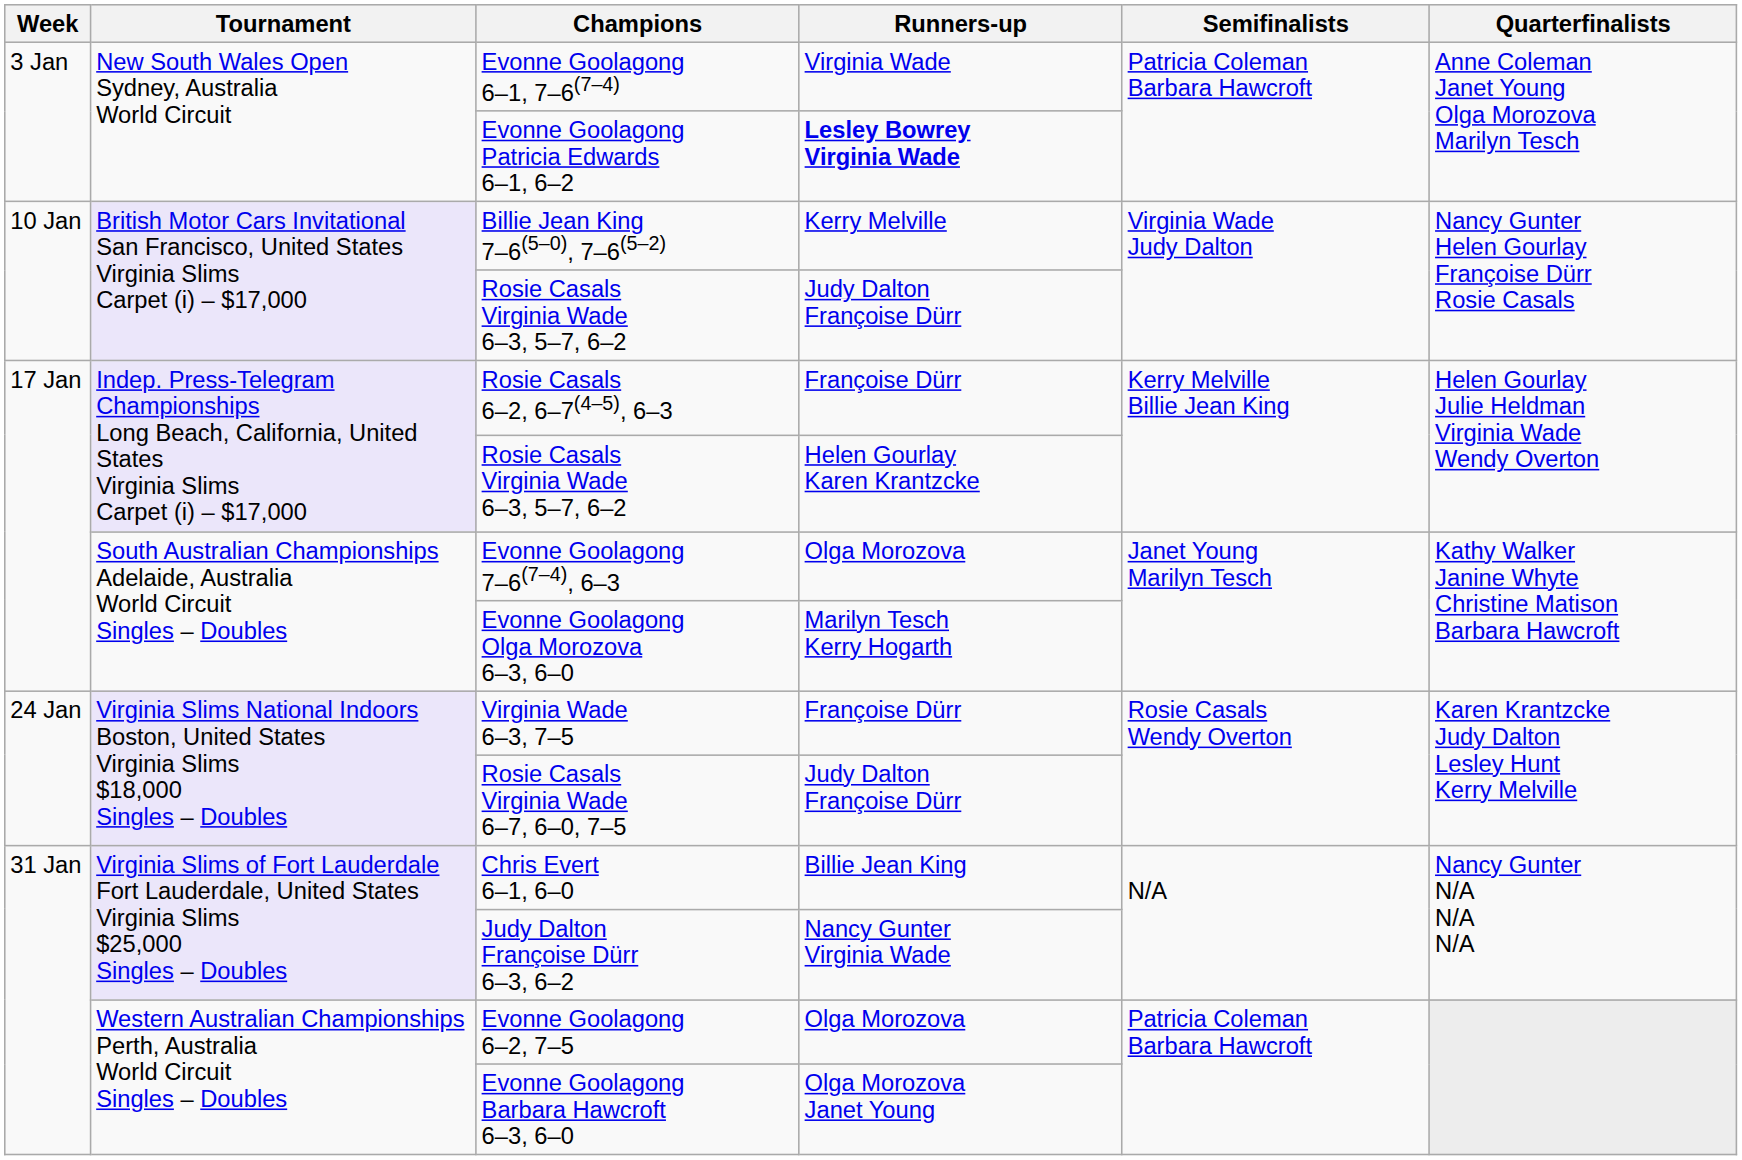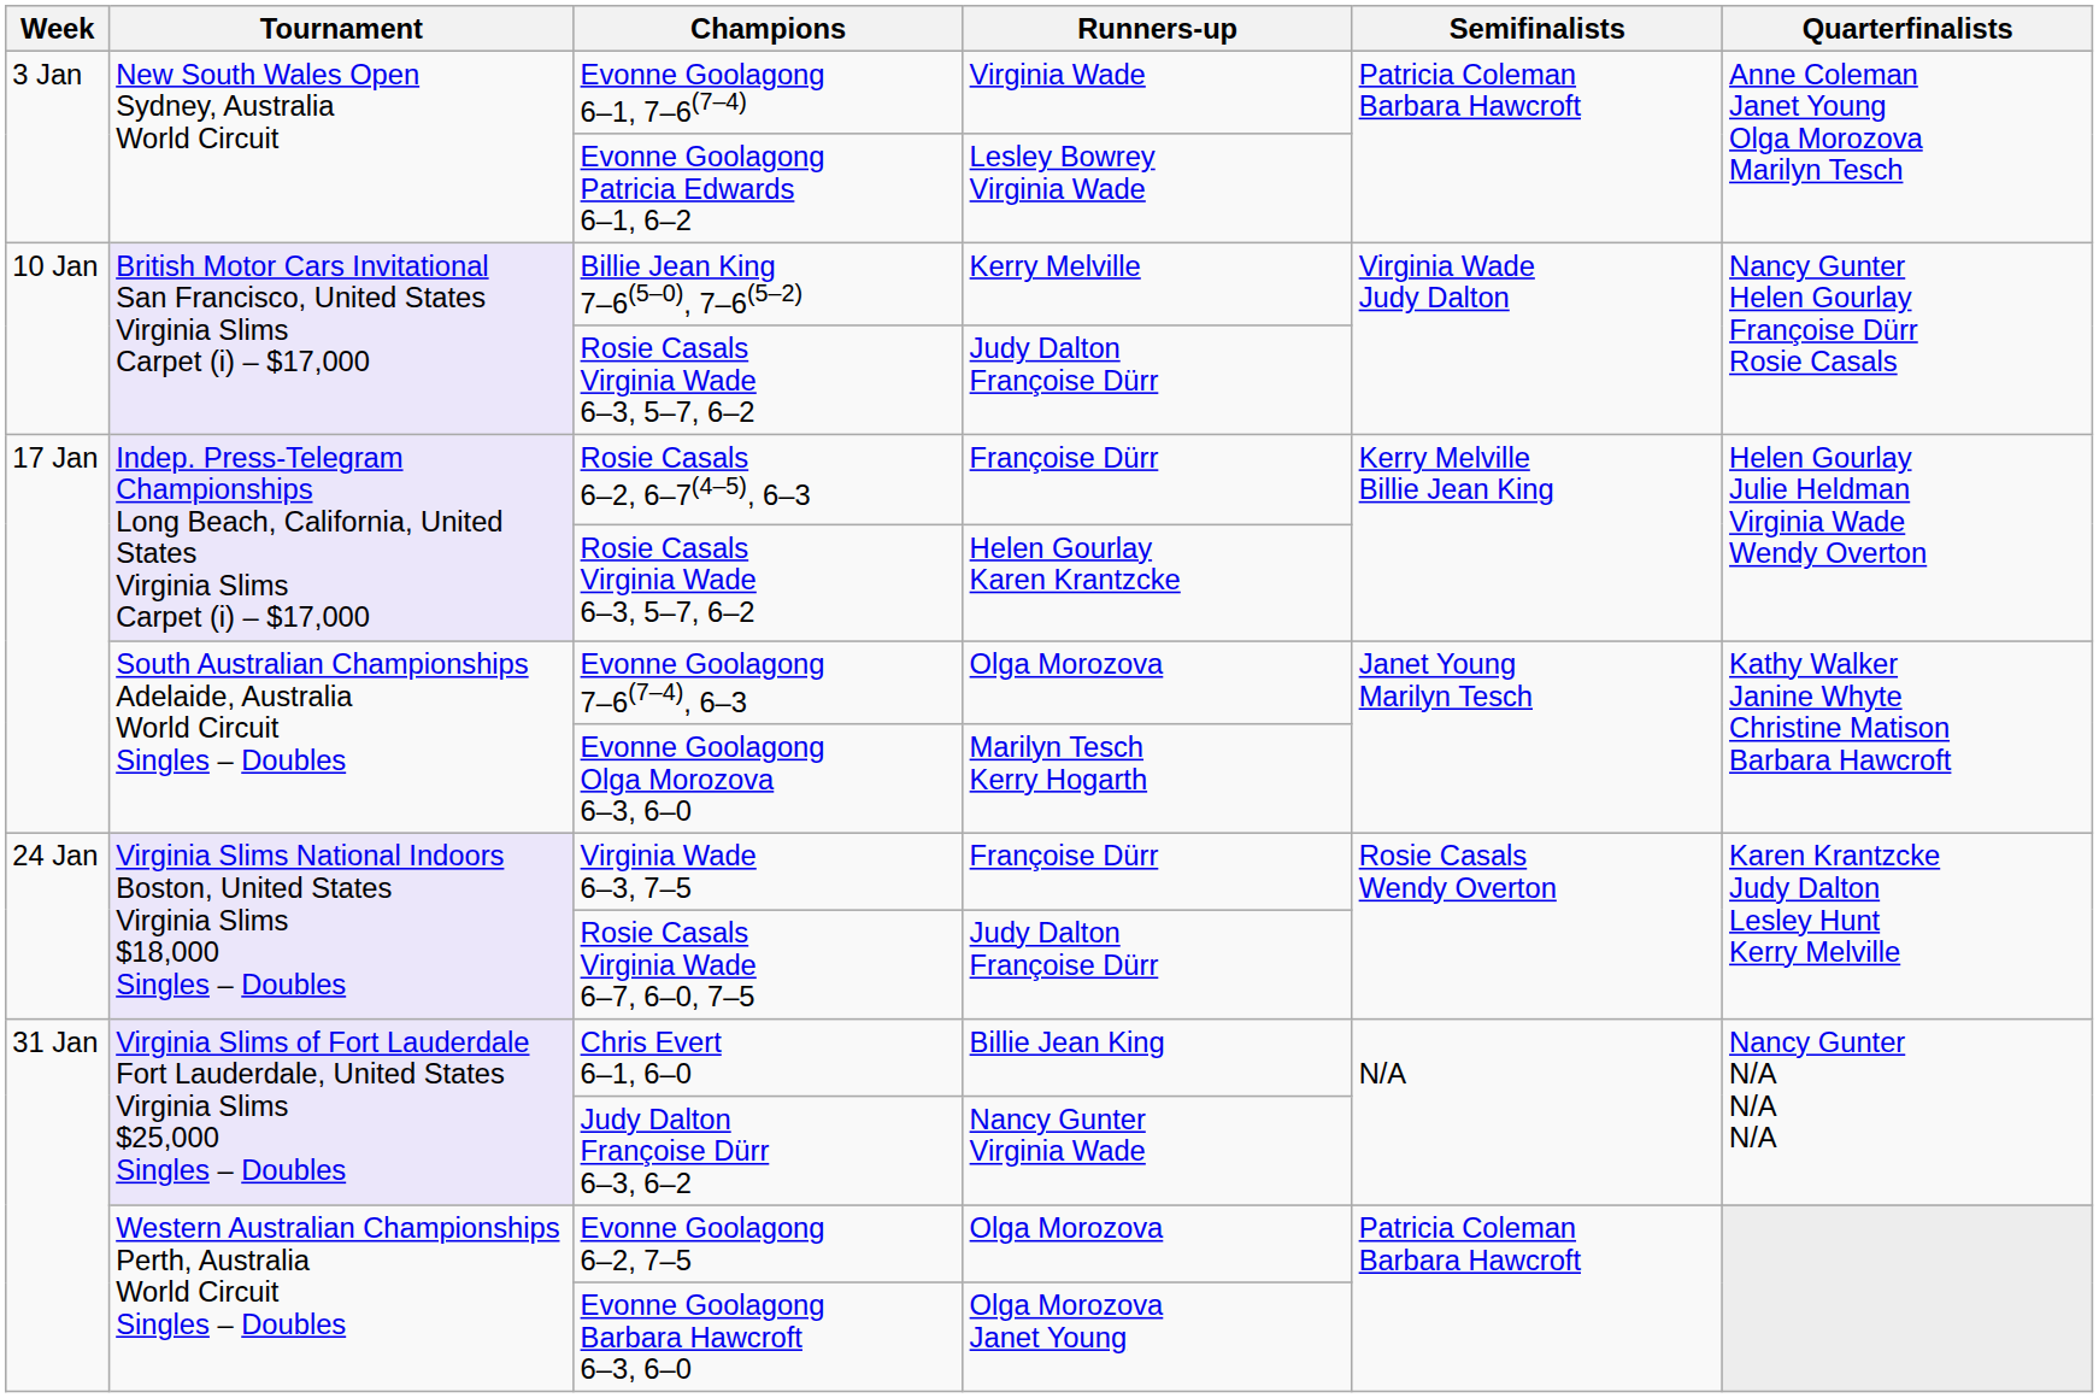 <table class=wikitable style=font-size:95%>
 <tr>
 <th style="width:48px;">Week</th>
 <th style="width:240px;">Tournament</th>
 <th style="width:200px;">Champions</th>
 <th style="width:200px;">Runners-up</th>
 <th style="width:190px;">Semifinalists</th>
 <th style="width:190px;">Quarterfinalists</th>
 </tr>
 <tr valign=top>
 <td rowspan=2>3 Jan</td>
 <td rowspan=2><a href='#'>New South Wales Open</a><br>Sydney, Australia<br>World Circuit</td>
 <td> <a href='#'>Evonne Goolagong</a> <br>6–1, 7–6<sup>(7–4)</sup></td>
 <td> <a href='#'>Virginia Wade</a></td>
 <td rowspan=2> <a href='#'>Patricia Coleman</a><br>  <a href='#'>Barbara Hawcroft</a></td>
 <td rowspan=2> <a href='#'>Anne Coleman</a> <br>  <a href='#'>Janet Young</a> <br>  <a href='#'>Olga Morozova</a> <br>  <a href='#'>Marilyn Tesch</a></td>
 </tr>
 <tr valign=top>
 <td> <a href='#'>Evonne Goolagong</a><br> <a href='#'>Patricia Edwards</a><br>6–1, 6–2</td>
-<td><strong> <a href='#'>Lesley Bowrey</a><br> <a href='#'>Virginia Wade</a></strong></td>
+<td> <a href='#'>Lesley Bowrey</a><br> <a href='#'>Virginia Wade</a></td>
 </tr>
 <tr valign=top>
 <td rowspan=2>10 Jan</td>
 <td style="background:#ebe6fa;" rowspan=2><a href='#'>British Motor Cars Invitational</a><br>San Francisco, United States<br>Virginia Slims<br>Carpet (i) – $17,000</td>
 <td> <a href='#'>Billie Jean King</a> <br> 7–6<sup>(5–0)</sup>, 7–6<sup>(5–2)</sup></td>
 <td> <a href='#'>Kerry Melville</a></td>
 <td rowspan=2> <a href='#'>Virginia Wade</a><br>  <a href='#'>Judy Dalton</a></td>
 <td rowspan=2> <a href='#'>Nancy Gunter</a> <br> <a href='#'>Helen Gourlay</a> <br> <a href='#'>Françoise Dürr</a> <br> <a href='#'>Rosie Casals</a></td>
 </tr>
 <tr valign=top>
 <td> <a href='#'>Rosie Casals</a><br> <a href='#'>Virginia Wade</a><br>6–3, 5–7, 6–2</td>
 <td> <a href='#'>Judy Dalton</a><br> <a href='#'>Françoise Dürr</a></td>
 </tr>
 <tr valign=top>
 <td rowspan=4>17 Jan</td>
 <td style="background:#ebe6fa;" rowspan=2><a href='#'>Indep. Press-Telegram Championships</a><br>Long Beach, California, United States<br>Virginia Slims<br>Carpet (i) – $17,000</td>
 <td> <a href='#'>Rosie Casals</a> <br>6–2, 6–7<sup>(4–5)</sup>, 6–3</td>
 <td> <a href='#'>Françoise Dürr</a></td>
 <td rowspan=2> <a href='#'>Kerry Melville</a> <br>  <a href='#'>Billie Jean King</a></td>
 <td rowspan=2> <a href='#'>Helen Gourlay</a> <br> <a href='#'>Julie Heldman</a> <br> <a href='#'>Virginia Wade</a> <br> <a href='#'>Wendy Overton</a></td>
 </tr>
 <tr valign=top>
 <td> <a href='#'>Rosie Casals</a><br> <a href='#'>Virginia Wade</a><br>6–3, 5–7, 6–2</td>
 <td> <a href='#'>Helen Gourlay</a><br> <a href='#'>Karen Krantzcke</a></td>
 </tr>
 <tr valign=top>
 <td rowspan="2"><a href='#'>South Australian Championships</a>  <br> Adelaide, Australia<br>World Circuit<br><a href='#'>Singles</a> – <a href='#'>Doubles</a></td>
 <td> <a href='#'>Evonne Goolagong</a> <br> 7–6<sup>(7–4)</sup>, 6–3</td>
 <td> <a href='#'>Olga Morozova</a></td>
 <td rowspan=2> <a href='#'>Janet Young</a> <br>  <a href='#'>Marilyn Tesch</a></td>
 <td rowspan=2> <a href='#'>Kathy Walker</a> <br>  <a href='#'>Janine Whyte</a> <br>  <a href='#'>Christine Matison</a> <br>  <a href='#'>Barbara Hawcroft</a></td>
 </tr>
 <tr valign=top>
 <td> <a href='#'>Evonne Goolagong</a> <br>  <a href='#'>Olga Morozova</a> <br> 6–3, 6–0</td>
 <td> <a href='#'>Marilyn Tesch</a><br>  <a href='#'>Kerry Hogarth</a></td>
 </tr>
 <tr valign=top>
 <td rowspan=2>24 Jan</td>
 <td style="background:#ebe6fa;" rowspan=2><a href='#'>Virginia Slims National Indoors</a><br>Boston, United States<br>Virginia Slims<br>$18,000<br> <a href='#'>Singles</a> – <a href='#'>Doubles</a></td>
 <td> <a href='#'>Virginia Wade</a> <br>6–3, 7–5</td>
 <td> <a href='#'>Françoise Dürr</a></td>
 <td rowspan=2> <a href='#'>Rosie Casals</a> <br>  <a href='#'>Wendy Overton</a></td>
 <td rowspan=2> <a href='#'>Karen Krantzcke</a> <br>  <a href='#'>Judy Dalton</a> <br>  <a href='#'>Lesley Hunt</a> <br>  <a href='#'>Kerry Melville</a></td>
 </tr>
 <tr valign=top>
 <td> <a href='#'>Rosie Casals</a><br> <a href='#'>Virginia Wade</a><br>6–7, 6–0, 7–5</td>
 <td> <a href='#'>Judy Dalton</a><br> <a href='#'>Françoise Dürr</a></td>
 </tr>
 <tr valign=top>
 <td rowspan=4>31 Jan</td>
 <td style="background:#ebe6fa;" rowspan=2><a href='#'>Virginia Slims of Fort Lauderdale</a><br>Fort Lauderdale, United States<br>Virginia Slims<br>$25,000<br> <a href='#'>Singles</a> – <a href='#'>Doubles</a></td>
 <td> <a href='#'>Chris Evert</a> <br>6–1, 6–0</td>
 <td> <a href='#'>Billie Jean King</a></td>
 <td rowspan=2><br>N/A</td>
 <td rowspan=2> <a href='#'>Nancy Gunter</a> <br>N/A <br>N/A <br>N/A</td>
 </tr>
 <tr valign=top>
 <td> <a href='#'>Judy Dalton</a><br> <a href='#'>Françoise Dürr</a><br>6–3, 6–2</td>
 <td> <a href='#'>Nancy Gunter</a><br> <a href='#'>Virginia Wade</a></td>
 </tr>
 <tr valign=top>
 <td rowspan="2"><a href='#'>Western Australian Championships</a>  <br> Perth, Australia<br>World Circuit<br><a href='#'>Singles</a> – <a href='#'>Doubles</a></td>
 <td> <a href='#'>Evonne Goolagong</a> <br> 6–2, 7–5</td>
 <td> <a href='#'>Olga Morozova</a></td>
 <td rowspan=2> <a href='#'>Patricia Coleman</a> <br>  <a href='#'>Barbara Hawcroft</a></td>
 <td style="background:#ededed;" rowspan=2></td>
 </tr>
 <tr valign=top>
 <td> <a href='#'>Evonne Goolagong</a> <br>  <a href='#'>Barbara Hawcroft</a> <br> 6–3, 6–0</td>
 <td> <a href='#'>Olga Morozova</a><br>  <a href='#'>Janet Young</a></td>
 </tr>
 </table>
